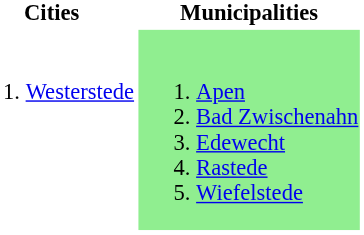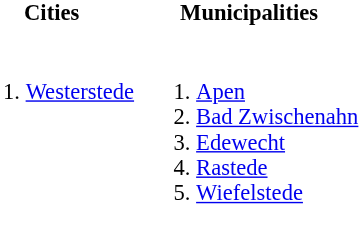 <table>
 <tr>
 <th>Cities</th>
 <th>Municipalities</th>
 </tr>
 <tr valign=top>
 <td><br><ol><li><a href='#'>Westerstede</a></li></ol></td>
-<td style="background: lightgreen;"><br><ol><li><a href='#'>Apen</a></li><li><a href='#'>Bad Zwischenahn</a></li><li><a href='#'>Edewecht</a></li><li><a href='#'>Rastede</a></li><li><a href='#'>Wiefelstede</a></li></ol></td>
+<td><br><ol><li><a href='#'>Apen</a></li><li><a href='#'>Bad Zwischenahn</a></li><li><a href='#'>Edewecht</a></li><li><a href='#'>Rastede</a></li><li><a href='#'>Wiefelstede</a></li></ol></td>
 </tr>
 </table>
